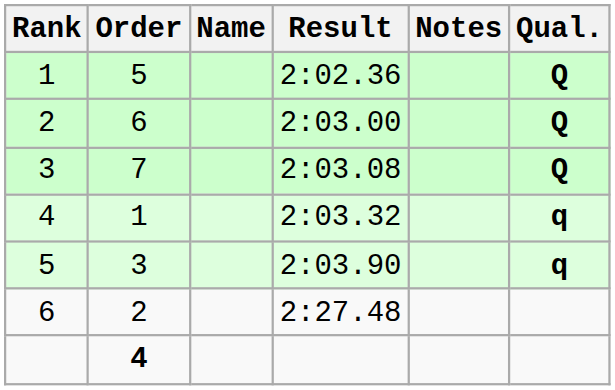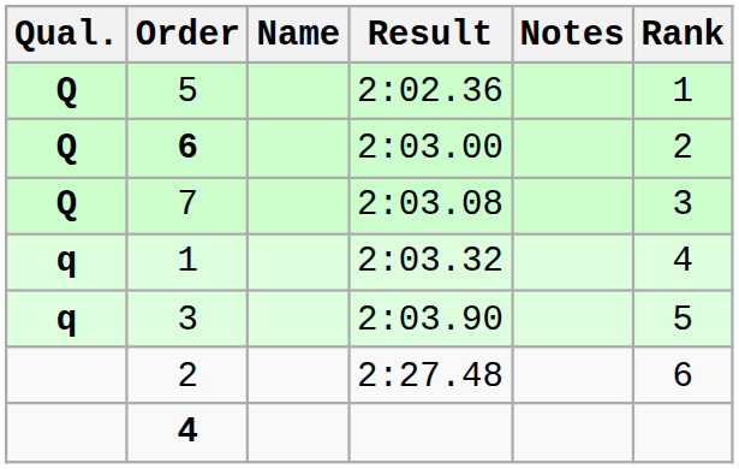 <table class="wikitable sortable" style="text-align:center">
 <tr>
-<th>Rank</th>
+<th>Qual.</th>
 <th>Order</th>
 <th>Name</th>
 <th>Result</th>
 <th>Notes</th>
-<th>Qual.</th>
+<th>Rank</th>
 </tr>
 <tr style="background:#cfc;">
-<td>1</td>
+<td><strong>Q</strong></td>
 <td>5</td>
 <td align="left"></td>
 <td>2:02.36</td>
 <td></td>
-<td><strong>Q</strong></td>
+<td>1</td>
 </tr>
 <tr style="background:#cfc;">
-<td>2</td>
-<td>6</td>
+<td><strong>Q</strong></td>
+<td><strong>6</strong></td>
 <td align="left"></td>
 <td>2:03.00</td>
 <td></td>
-<td><strong>Q</strong></td>
+<td>2</td>
 </tr>
 <tr style="background:#cfc;">
-<td>3</td>
+<td><strong>Q</strong></td>
 <td>7</td>
 <td align="left"></td>
 <td>2:03.08</td>
 <td></td>
-<td><strong>Q</strong></td>
+<td>3</td>
 </tr>
 <tr style="background:#dfd;">
-<td>4</td>
+<td><strong>q</strong></td>
 <td>1</td>
 <td align="left"></td>
 <td>2:03.32</td>
 <td></td>
-<td><strong>q</strong></td>
+<td>4</td>
 </tr>
 <tr style="background:#dfd;">
-<td>5</td>
+<td><strong>q</strong></td>
 <td>3</td>
 <td align="left"></td>
 <td>2:03.90</td>
 <td></td>
-<td><strong>q</strong></td>
+<td>5</td>
 </tr>
 <tr>
-<td>6</td>
+<td></td>
 <td>2</td>
 <td align="left"></td>
 <td>2:27.48</td>
 <td></td>
-<td></td>
+<td>6</td>
 </tr>
 <tr>
 <td></td>
 <td><strong>4</strong></td>
 <td align="left"></td>
 <td></td>
 <td></td>
 <td></td>
 </tr>
 </table>
